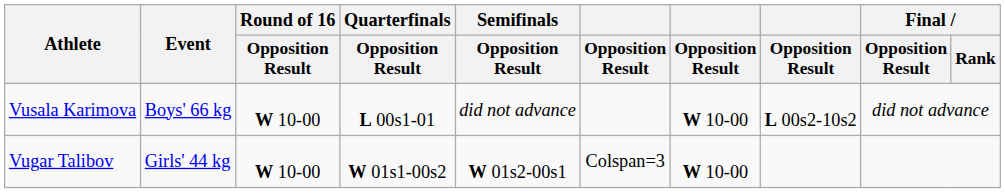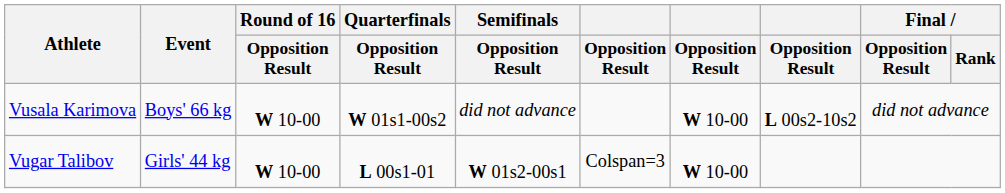 <table class="wikitable" style="text-align:center;font-size:90%">
 <tr>
 <th rowspan=2>Athlete</th>
 <th rowspan=2>Event</th>
 <th>Round of 16</th>
 <th>Quarterfinals</th>
 <th>Semifinals</th>
 <th></th>
 <th></th>
 <th></th>
 <th colspan=2>Final / </th>
 </tr>
 <tr style="font-size:95%">
 <th>Opposition<br>Result</th>
 <th>Opposition<br>Result</th>
 <th>Opposition<br>Result</th>
 <th>Opposition<br>Result</th>
 <th>Opposition<br>Result</th>
 <th>Opposition<br>Result</th>
 <th>Opposition<br>Result</th>
 <th>Rank</th>
 </tr>
 <tr align=center>
 <td align=left><a href='#'>Vusala Karimova</a></td>
 <td align=left><a href='#'>Boys' 66 kg</a></td>
 <td><br> <strong>W</strong> 10-00</td>
-<td><br> <strong>L</strong> 00s1-01</td>
+<td><br> <strong>W</strong> 01s1-00s2</td>
 <td><em>did not advance</em></td>
 <td></td>
 <td><br> <strong>W</strong> 10-00</td>
 <td><br> <strong>L</strong> 00s2-10s2</td>
 <td Colspan=2><em>did not advance</em></td>
 </tr>
 <tr align=center>
 <td align=left><a href='#'>Vugar Talibov</a></td>
 <td align=left><a href='#'>Girls' 44 kg</a></td>
 <td><br> <strong>W</strong> 10-00</td>
-<td><br> <strong>W</strong> 01s1-00s2</td>
+<td><br> <strong>L</strong> 00s1-01</td>
 <td><br> <strong>W</strong> 01s2-00s1</td>
 <td>Colspan=3 </td>
 <td><br> <strong>W</strong> 10-00</td>
 <td></td>
 </tr>
 </table>
